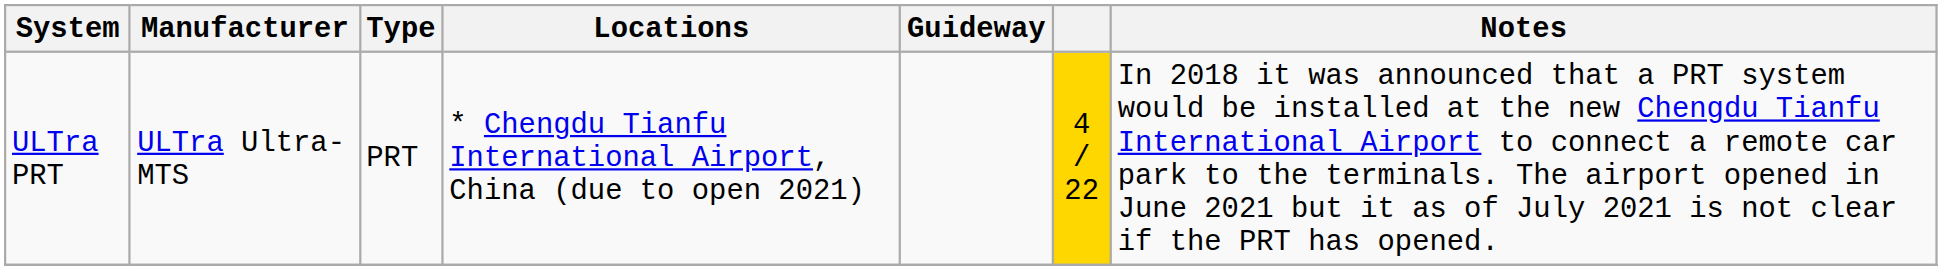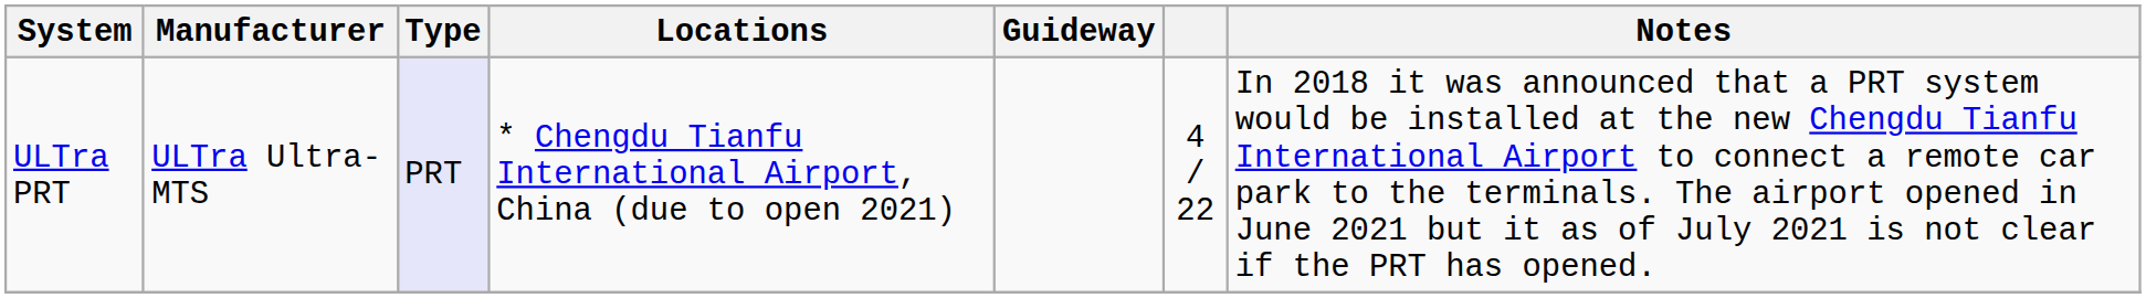 <table class="wikitable sortable">
 <tr>
 <th>System</th>
 <th>Manufacturer</th>
 <th>Type</th>
 <th style="width: 200px;">Locations</th>
 <th>Guideway</th>
 <th></th>
 <th class="unsortable">Notes</th>
 </tr>
 <tr>
 <td><a href='#'>ULTra</a> PRT</td>
 <td><a href='#'>ULTra</a> Ultra-MTS</td>
-<td>PRT</td>
+<td style="background: lavender;">PRT</td>
 <td>* <a href='#'>Chengdu Tianfu International Airport</a>, China (due to open 2021)</td>
 <td style="text-align:center"></td>
-<td style="background: gold; text-align:center">4 / 22 </td>
+<td style="text-align:center">4 / 22 </td>
 <td>In 2018 it was announced that a PRT system would be installed at the new <a href='#'>Chengdu Tianfu International Airport</a> to connect a remote car park to the terminals. The airport opened in June 2021 but it as of July 2021 is not clear if the PRT has opened.</td>
 </tr>
 <tr>
 </tr>
 </table>
